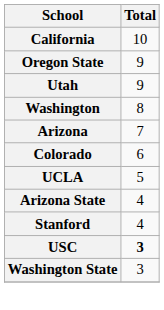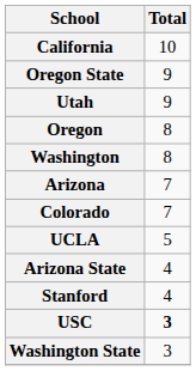 <table class=wikitable style="text-align:center">
 <tr>
 <th>School</th>
 <th>Total</th>
 </tr>
 <tr>
 <th><strong>California</strong></th>
 <td>10</td>
 </tr>
 <tr>
 <th><strong>Oregon State</strong></th>
 <td>9</td>
 </tr>
 <tr>
 <th><strong>Utah</strong></th>
 <td>9</td>
 </tr>
 <tr>
+<th><strong>Oregon</strong></th>
+<td>8</td>
+</tr>
+<tr>
 <th><strong>Washington</strong></th>
 <td>8</td>
 </tr>
 <tr>
 <th><strong>Arizona</strong></th>
 <td>7</td>
 </tr>
 <tr>
 <th><strong>Colorado</strong></th>
-<td>6</td>
+<td>7</td>
 </tr>
 <tr>
 <th><strong>UCLA</strong></th>
 <td>5</td>
 </tr>
 <tr>
 <th><strong>Arizona State</strong></th>
 <td>4</td>
 </tr>
 <tr>
 <th><strong>Stanford</strong></th>
 <td>4</td>
 </tr>
 <tr>
 <th><strong>USC</strong></th>
 <td><strong>3</strong></td>
 </tr>
 <tr>
 <th><strong>Washington State</strong></th>
 <td>3</td>
 </tr>
 <tr>
 </tr>
 </table>
